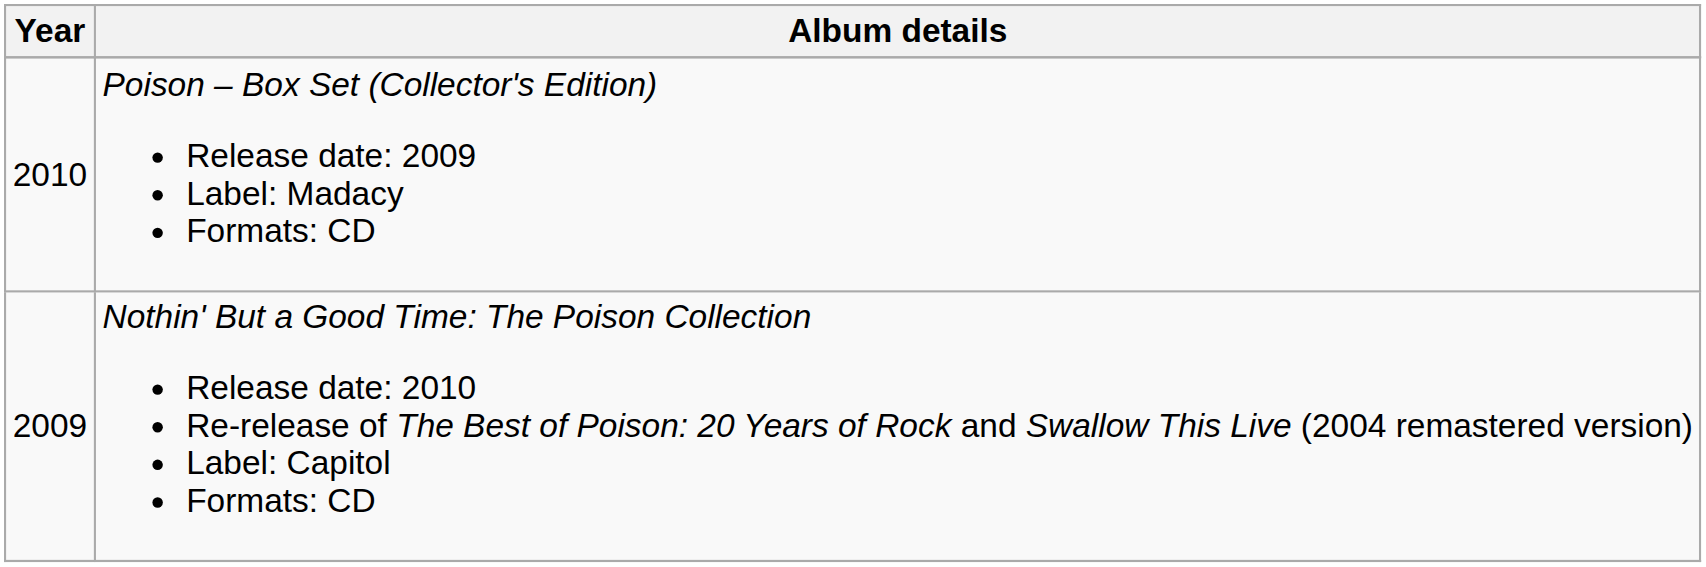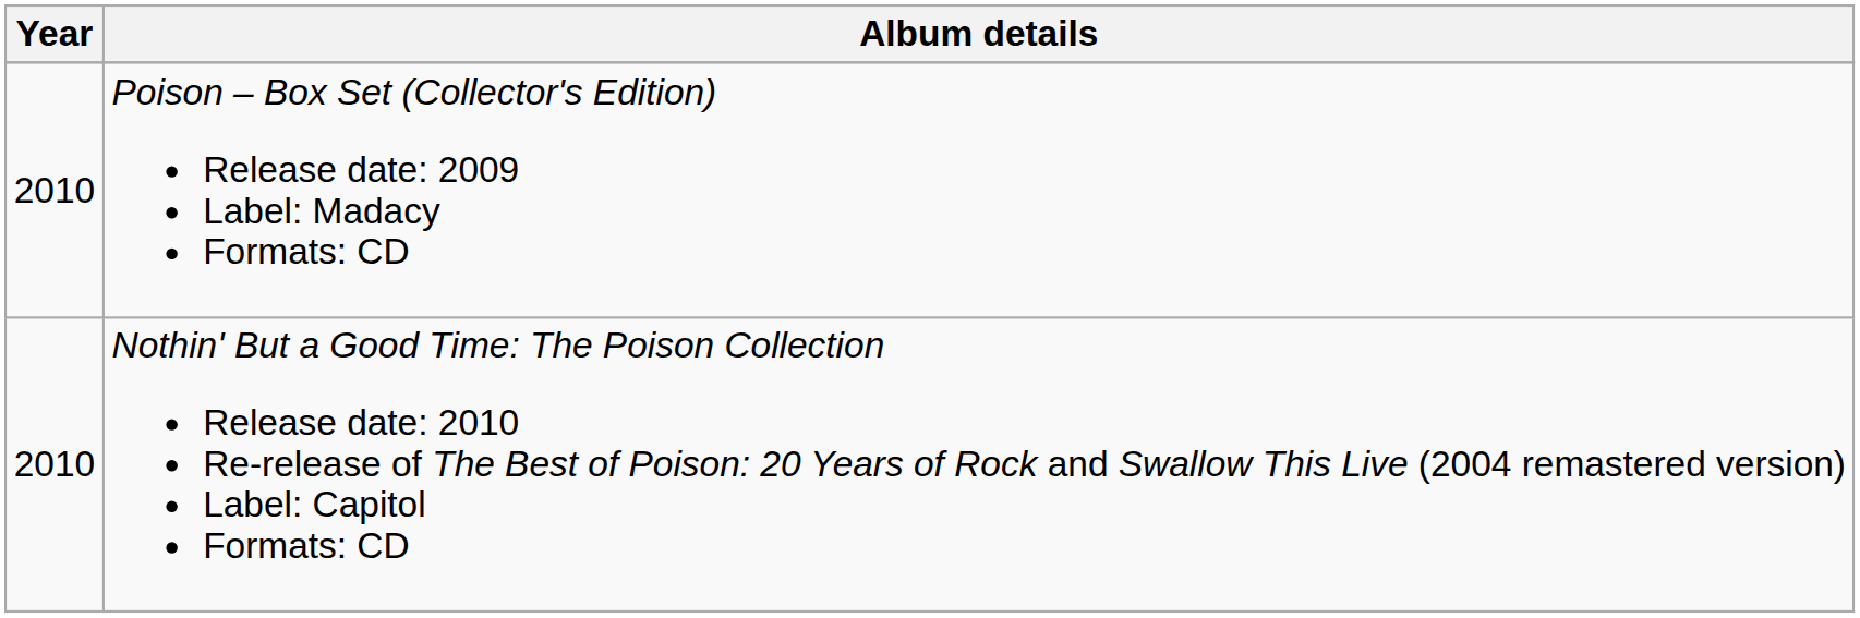 <table class="wikitable" style="text-align:center;">
 <tr>
 <th rowspan="1">Year</th>
 <th rowspan="1">Album details</th>
 </tr>
 <tr style="font-size:smaller;">
 </tr>
 <tr>
 <td>2010</td>
 <td align="left"><em>Poison – Box Set (Collector's Edition)</em><br><ul><li>Release date: 2009</li><li>Label: Madacy</li><li>Formats: CD</li></ul></td>
 </tr>
 <tr>
-<td>2009</td>
+<td>2010</td>
 <td align="left"><em>Nothin' But a Good Time: The Poison Collection</em><br><ul><li>Release date: 2010</li><li>Re-release of <em>The Best of Poison: 20 Years of Rock</em> and <em>Swallow This Live</em> (2004 remastered version)</li><li>Label: Capitol</li><li>Formats: CD</li></ul></td>
 </tr>
 <tr>
 </tr>
 </table>
